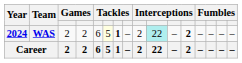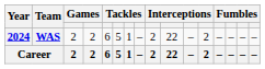 <table class="wikitable" style="text-align:center;">
 <tr>
 <th rowspan="2">Year</th>
 <th rowspan="2">Team</th>
 <th colspan="2">Games</th>
 <th colspan="4">Tackles</th>
 <th colspan="4">Interceptions</th>
 <th colspan="4">Fumbles</th>
 </tr>
 <tr>
 <th></th>
 <th></th>
 <th></th>
 <th></th>
 <th></th>
 <th></th>
 <th></th>
 <th></th>
 <th></th>
 <th></th>
 <th></th>
 <th></th>
 <th></th>
 <th></th>
 </tr>
 <tr>
 <th><a href='#'>2024</a></th>
 <th><a href='#'>WAS</a></th>
 <td>2</td>
 <td>2</td>
 <td>6</td>
-<td style="background: lightyellow;">5</td>
-<td><strong>1</strong></td>
+<td>5</td>
+<td>1</td>
 <td>–</td>
 <td>2</td>
-<td style="background: paleturquoise;">22</td>
+<td>22</td>
 <td>–</td>
-<td><strong>2</strong></td>
+<td>2</td>
 <td>–</td>
 <td>–</td>
 <td>–</td>
 <td>–</td>
 </tr>
 <tr>
 <th colspan="2">Career</th>
 <th>2</th>
 <th>2</th>
 <th>6</th>
 <th>5</th>
 <th>1</th>
 <th>–</th>
 <th>2</th>
 <th>22</th>
 <th>–</th>
 <th>2</th>
 <th>–</th>
 <th>–</th>
 <th>–</th>
 <th>–</th>
 </tr>
 </table>
